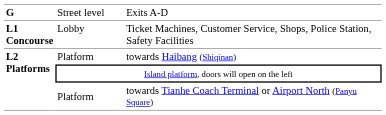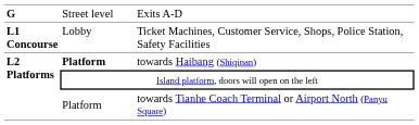 <table table border=0 cellspacing=0 cellpadding=3>
 <tr>
 <td style="border-top:solid 1px gray;" width=50 valign=top><strong>G</strong></td>
 <td style="border-top:solid 1px gray;" width=100 valign=top>Street level</td>
 <td style="border-top:solid 1px gray;" width=390 valign=top>Exits A-D</td>
 </tr>
 <tr>
 <td style="border-bottom:solid 1px gray; border-top:solid 1px gray;" valign=top width=50><strong>L1<br>Concourse</strong></td>
 <td style="border-bottom:solid 1px gray; border-top:solid 1px gray;" valign=top width=100>Lobby</td>
 <td style="border-bottom:solid 1px gray; border-top:solid 1px gray;" valign=top width=390>Ticket Machines, Customer Service, Shops, Police Station, Safety Facilities</td>
 </tr>
 <tr>
 <td style="border-bottom:solid 1px gray;" rowspan=3 valign=top><strong>L2<br>Platforms</strong></td>
-<td>Platform </td>
+<td><strong>Platform </strong></td>
 <td>  towards <a href='#'>Haibang</a> <small>(<a href='#'>Shiqinan</a>)</small></td>
 </tr>
 <tr>
 <td style="border-right:solid 2px black;border-left:solid 2px black;border-top:solid 2px black;border-bottom:solid 2px black;text-align:center;" colspan=2><small><a href='#'>Island platform</a>, doors will open on the left</small></td>
 </tr>
 <tr>
 <td style="border-bottom:solid 1px gray;">Platform </td>
 <td style="border-bottom:solid 1px gray;"> towards <a href='#'>Tianhe Coach Terminal</a> or <a href='#'>Airport North</a> <small>(<a href='#'>Panyu Square</a>)</small> </td>
 </tr>
 </table>
